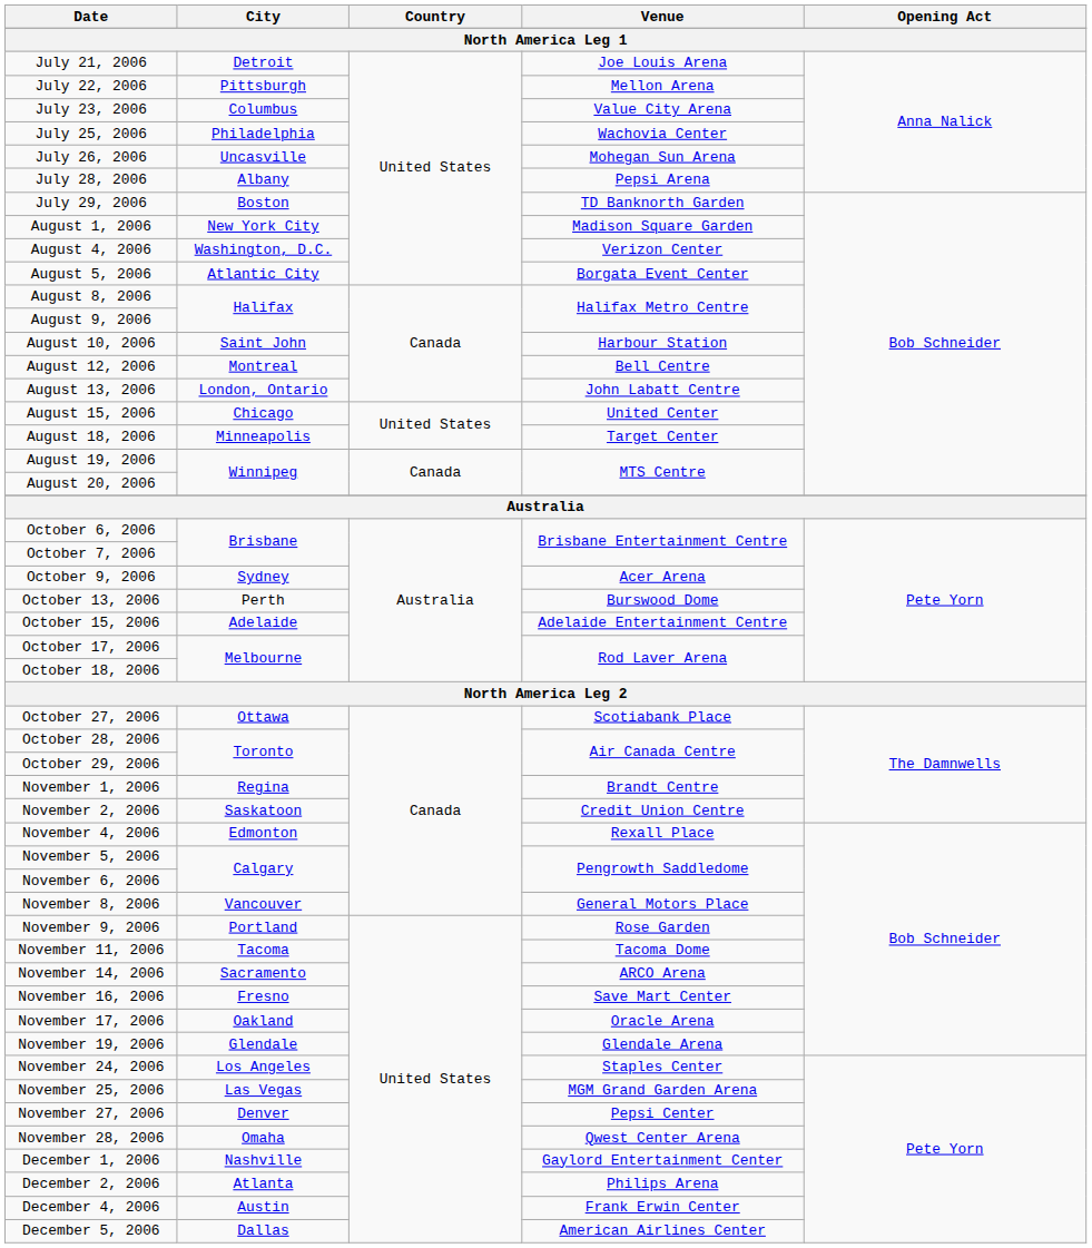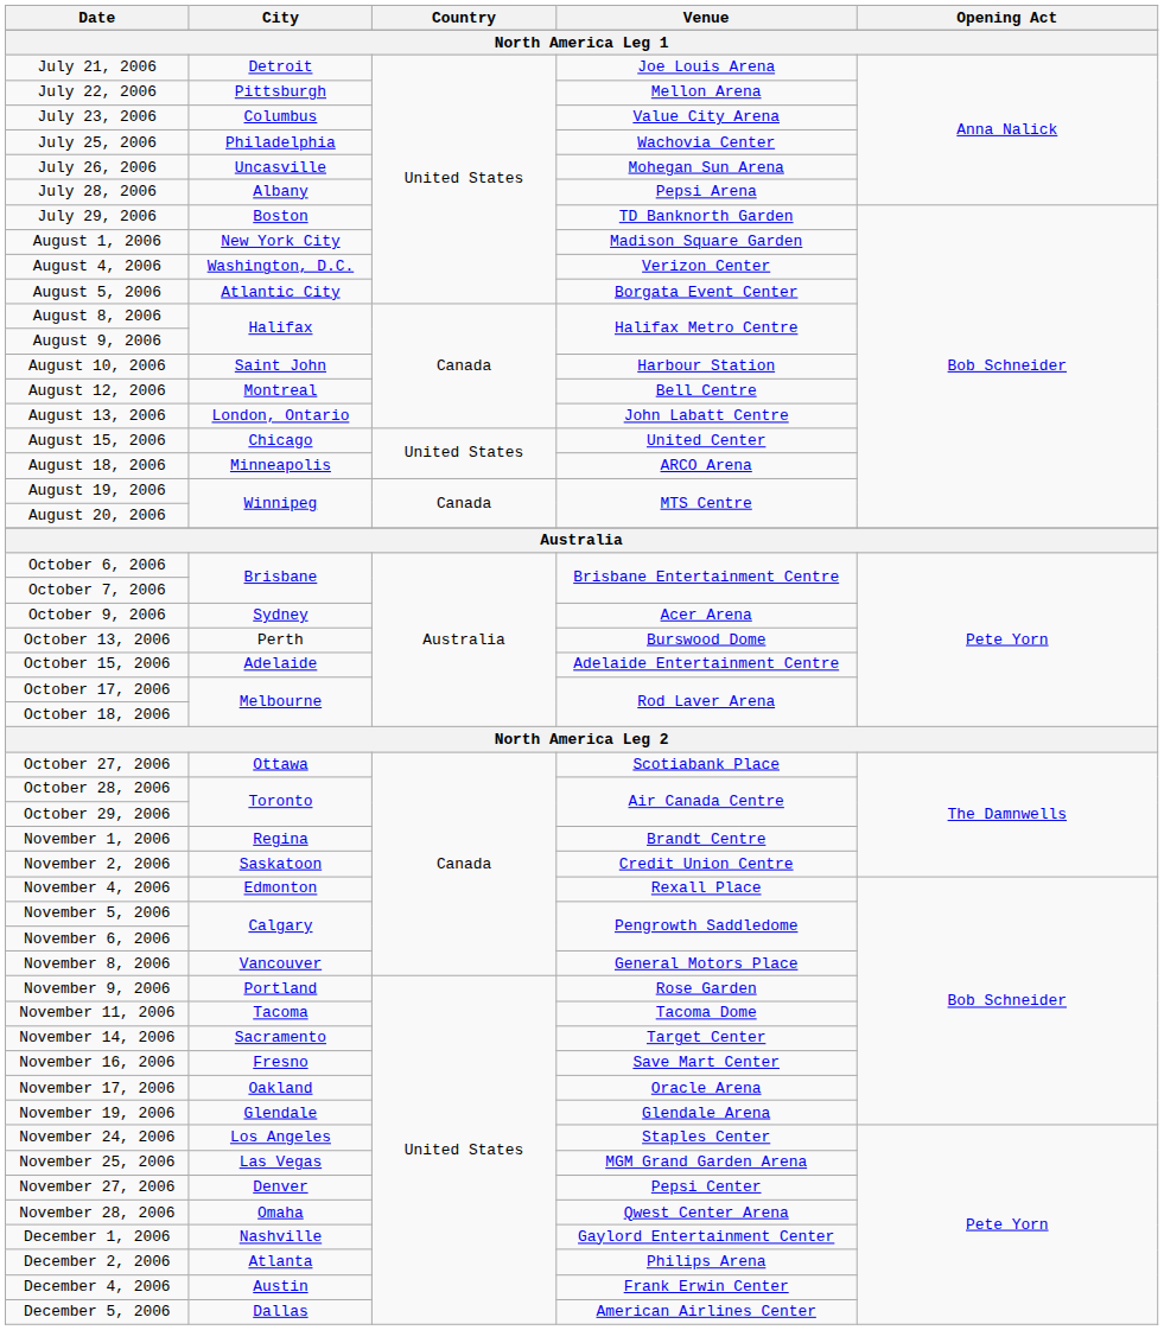 <table class="wikitable">
 <tr>
 <th width="150" rowspan="1">Date</th>
 <th width="150" rowspan="1">City</th>
 <th width="150" rowspan="1">Country</th>
 <th width="250" rowspan="1">Venue</th>
 <th width="250" rowspan="1">Opening Act</th>
 </tr>
 <tr>
 </tr>
 <tr bgcolor="#DDDDDD">
 <th colspan=6 align=center>North America Leg 1</th>
 </tr>
 <tr>
 <td align="center">July 21, 2006</td>
 <td align="center"><a href='#'>Detroit</a></td>
 <td align="center" rowspan="10">United States</td>
 <td align="center"><a href='#'>Joe Louis Arena</a></td>
 <td align="center" rowspan="6"><a href='#'>Anna Nalick</a></td>
 </tr>
 <tr>
 <td align="center">July 22, 2006</td>
 <td align="center"><a href='#'>Pittsburgh</a></td>
 <td align="center"><a href='#'>Mellon Arena</a></td>
 </tr>
 <tr>
 <td align="center">July 23, 2006</td>
 <td align="center"><a href='#'>Columbus</a></td>
 <td align="center"><a href='#'>Value City Arena</a></td>
 </tr>
 <tr>
 <td align="center">July 25, 2006</td>
 <td align="center"><a href='#'>Philadelphia</a></td>
 <td align="center"><a href='#'>Wachovia Center</a></td>
 </tr>
 <tr>
 <td align="center">July 26, 2006</td>
 <td align="center"><a href='#'>Uncasville</a></td>
 <td align="center"><a href='#'>Mohegan Sun Arena</a></td>
 </tr>
 <tr>
 <td align="center">July 28, 2006</td>
 <td align="center"><a href='#'>Albany</a></td>
 <td align="center"><a href='#'>Pepsi Arena</a></td>
 </tr>
 <tr>
 <td align="center">July 29, 2006</td>
 <td align="center"><a href='#'>Boston</a></td>
 <td align="center"><a href='#'>TD Banknorth Garden</a></td>
 <td align="center" rowspan="13"><a href='#'>Bob Schneider</a></td>
 </tr>
 <tr>
 <td align="center">August 1, 2006</td>
 <td align="center"><a href='#'>New York City</a></td>
 <td align="center"><a href='#'>Madison Square Garden</a></td>
 </tr>
 <tr>
 <td align="center">August 4, 2006</td>
 <td align="center"><a href='#'>Washington, D.C.</a></td>
 <td align="center"><a href='#'>Verizon Center</a></td>
 </tr>
 <tr>
 <td align="center">August 5, 2006</td>
 <td align="center"><a href='#'>Atlantic City</a></td>
 <td align="center"><a href='#'>Borgata Event Center</a></td>
 </tr>
 <tr>
 <td align="center">August 8, 2006</td>
 <td align="center" rowspan="2"><a href='#'>Halifax</a></td>
 <td align="center" rowspan="5”">Canada</td>
 <td align="center" rowspan="2"><a href='#'>Halifax Metro Centre</a></td>
 </tr>
 <tr>
 <td align="center">August 9, 2006</td>
 </tr>
 <tr>
 <td align="center">August 10, 2006</td>
 <td align="center"><a href='#'>Saint John</a></td>
 <td align="center"><a href='#'>Harbour Station</a></td>
 </tr>
 <tr>
 <td align="center">August 12, 2006</td>
 <td align="center"><a href='#'>Montreal</a></td>
 <td align="center"><a href='#'>Bell Centre</a></td>
 </tr>
 <tr>
 <td align="center">August 13, 2006</td>
 <td align="center"><a href='#'>London, Ontario</a></td>
 <td align="center"><a href='#'>John Labatt Centre</a></td>
 </tr>
 <tr>
 <td align="center">August 15, 2006</td>
 <td align="center"><a href='#'>Chicago</a></td>
 <td align="center" rowspan="2">United States</td>
 <td align="center"><a href='#'>United Center</a></td>
 </tr>
 <tr>
 <td align="center">August 18, 2006</td>
 <td align="center"><a href='#'>Minneapolis</a></td>
-<td align="center"><a href='#'>Target Center</a></td>
+<td align="center"><a href='#'>ARCO Arena</a></td>
 </tr>
 <tr>
 <td align="center">August 19, 2006</td>
 <td align="center" rowspan="2"><a href='#'>Winnipeg</a></td>
 <td align="center" rowspan="2">Canada</td>
 <td align="center" rowspan="2"><a href='#'>MTS Centre</a></td>
 </tr>
 <tr>
 <td align="center">August 20, 2006</td>
 </tr>
 <tr>
 </tr>
 <tr bgcolor="#DDDDDD">
 <th colspan=6 align=center>Australia</th>
 </tr>
 <tr>
 <td align="center">October 6, 2006</td>
 <td align="center" rowspan="2"><a href='#'>Brisbane</a></td>
 <td align="center" rowspan="7">Australia</td>
 <td align="center" rowspan="2"><a href='#'>Brisbane Entertainment Centre</a></td>
 <td align="center" rowspan="7"><a href='#'>Pete Yorn</a></td>
 </tr>
 <tr>
 <td align="center">October 7, 2006</td>
 </tr>
 <tr>
 <td align="center">October 9, 2006</td>
 <td align="center"><a href='#'>Sydney</a></td>
 <td align="center"><a href='#'>Acer Arena</a></td>
 </tr>
 <tr>
 <td align="center">October 13, 2006</td>
 <td align="center">Perth</td>
 <td align="center"><a href='#'>Burswood Dome</a></td>
 </tr>
 <tr>
 <td align="center">October 15, 2006</td>
 <td align="center"><a href='#'>Adelaide</a></td>
 <td align="center"><a href='#'>Adelaide Entertainment Centre</a></td>
 </tr>
 <tr>
 <td align="center">October 17, 2006</td>
 <td align="center" rowspan="2"><a href='#'>Melbourne</a></td>
 <td align="center" rowspan="2"><a href='#'>Rod Laver Arena</a></td>
 </tr>
 <tr>
 <td align="center">October 18, 2006</td>
 </tr>
 <tr bgcolor="#DDDDDD">
 <th colspan=6 align=center>North America Leg 2</th>
 </tr>
 <tr>
 <td align="center">October 27, 2006</td>
 <td align="center"><a href='#'>Ottawa</a></td>
 <td align="center" rowspan="9">Canada</td>
 <td align="center"><a href='#'>Scotiabank Place</a></td>
 <td align="center" rowspan="5"><a href='#'>The Damnwells</a></td>
 </tr>
 <tr>
 <td align="center">October 28, 2006</td>
 <td align="center" rowspan="2"><a href='#'>Toronto</a></td>
 <td align="center" rowspan="2"><a href='#'>Air Canada Centre</a></td>
 </tr>
 <tr>
 <td align="center">October 29, 2006</td>
 </tr>
 <tr>
 <td align="center">November 1, 2006</td>
 <td align="center"><a href='#'>Regina</a></td>
 <td align="center"><a href='#'>Brandt Centre</a></td>
 </tr>
 <tr>
 <td align="center">November 2, 2006</td>
 <td align="center"><a href='#'>Saskatoon</a></td>
 <td align="center"><a href='#'>Credit Union Centre</a></td>
 </tr>
 <tr>
 <td align="center">November 4, 2006</td>
 <td align="center"><a href='#'>Edmonton</a></td>
 <td align="center"><a href='#'>Rexall Place</a></td>
 <td align="center" rowspan="10"><a href='#'>Bob Schneider</a></td>
 </tr>
 <tr>
 <td align="center">November 5, 2006</td>
 <td align="center" rowspan="2"><a href='#'>Calgary</a></td>
 <td align="center" rowspan="2"><a href='#'>Pengrowth Saddledome</a></td>
 </tr>
 <tr>
 <td align="center">November 6, 2006</td>
 </tr>
 <tr>
 <td align="center">November 8, 2006</td>
 <td align="center"><a href='#'>Vancouver</a></td>
 <td align="center"><a href='#'>General Motors Place</a></td>
 </tr>
 <tr>
 <td align="center">November 9, 2006</td>
 <td align="center"><a href='#'>Portland</a></td>
 <td align="center" rowspan="14">United States</td>
 <td align="center"><a href='#'>Rose Garden</a></td>
 </tr>
 <tr>
 <td align="center">November 11, 2006</td>
 <td align="center"><a href='#'>Tacoma</a></td>
 <td align="center"><a href='#'>Tacoma Dome</a></td>
 </tr>
 <tr>
 <td align="center">November 14, 2006</td>
 <td align="center"><a href='#'>Sacramento</a></td>
-<td align="center"><a href='#'>ARCO Arena</a></td>
+<td align="center"><a href='#'>Target Center</a></td>
 </tr>
 <tr>
 <td align="center">November 16, 2006</td>
 <td align="center"><a href='#'>Fresno</a></td>
 <td align="center"><a href='#'>Save Mart Center</a></td>
 </tr>
 <tr>
 <td align="center">November 17, 2006</td>
 <td align="center"><a href='#'>Oakland</a></td>
 <td align="center"><a href='#'>Oracle Arena</a></td>
 </tr>
 <tr>
 <td align="center">November 19, 2006</td>
 <td align="center"><a href='#'>Glendale</a></td>
 <td align="center"><a href='#'>Glendale Arena</a></td>
 </tr>
 <tr>
 <td align="center">November 24, 2006</td>
 <td align="center"><a href='#'>Los Angeles</a></td>
 <td align="center"><a href='#'>Staples Center</a></td>
 <td align="center" rowspan="8"><a href='#'>Pete Yorn</a></td>
 </tr>
 <tr>
 <td align="center">November 25, 2006</td>
 <td align="center"><a href='#'>Las Vegas</a></td>
 <td align="center"><a href='#'>MGM Grand Garden Arena</a></td>
 </tr>
 <tr>
 <td align="center">November 27, 2006</td>
 <td align="center"><a href='#'>Denver</a></td>
 <td align="center"><a href='#'>Pepsi Center</a></td>
 </tr>
 <tr>
 <td align="center">November 28, 2006</td>
 <td align="center"><a href='#'>Omaha</a></td>
 <td align="center"><a href='#'>Qwest Center Arena</a></td>
 </tr>
 <tr>
 <td align="center">December 1, 2006</td>
 <td align="center"><a href='#'>Nashville</a></td>
 <td align="center"><a href='#'>Gaylord Entertainment Center</a></td>
 </tr>
 <tr>
 <td align="center">December 2, 2006</td>
 <td align="center"><a href='#'>Atlanta</a></td>
 <td align="center"><a href='#'>Philips Arena</a></td>
 </tr>
 <tr>
 <td align="center">December 4, 2006</td>
 <td align="center"><a href='#'>Austin</a></td>
 <td align="center"><a href='#'>Frank Erwin Center</a></td>
 </tr>
 <tr>
 <td align="center">December 5, 2006</td>
 <td align="center"><a href='#'>Dallas</a></td>
 <td align="center"><a href='#'>American Airlines Center</a></td>
 </tr>
 </table>
